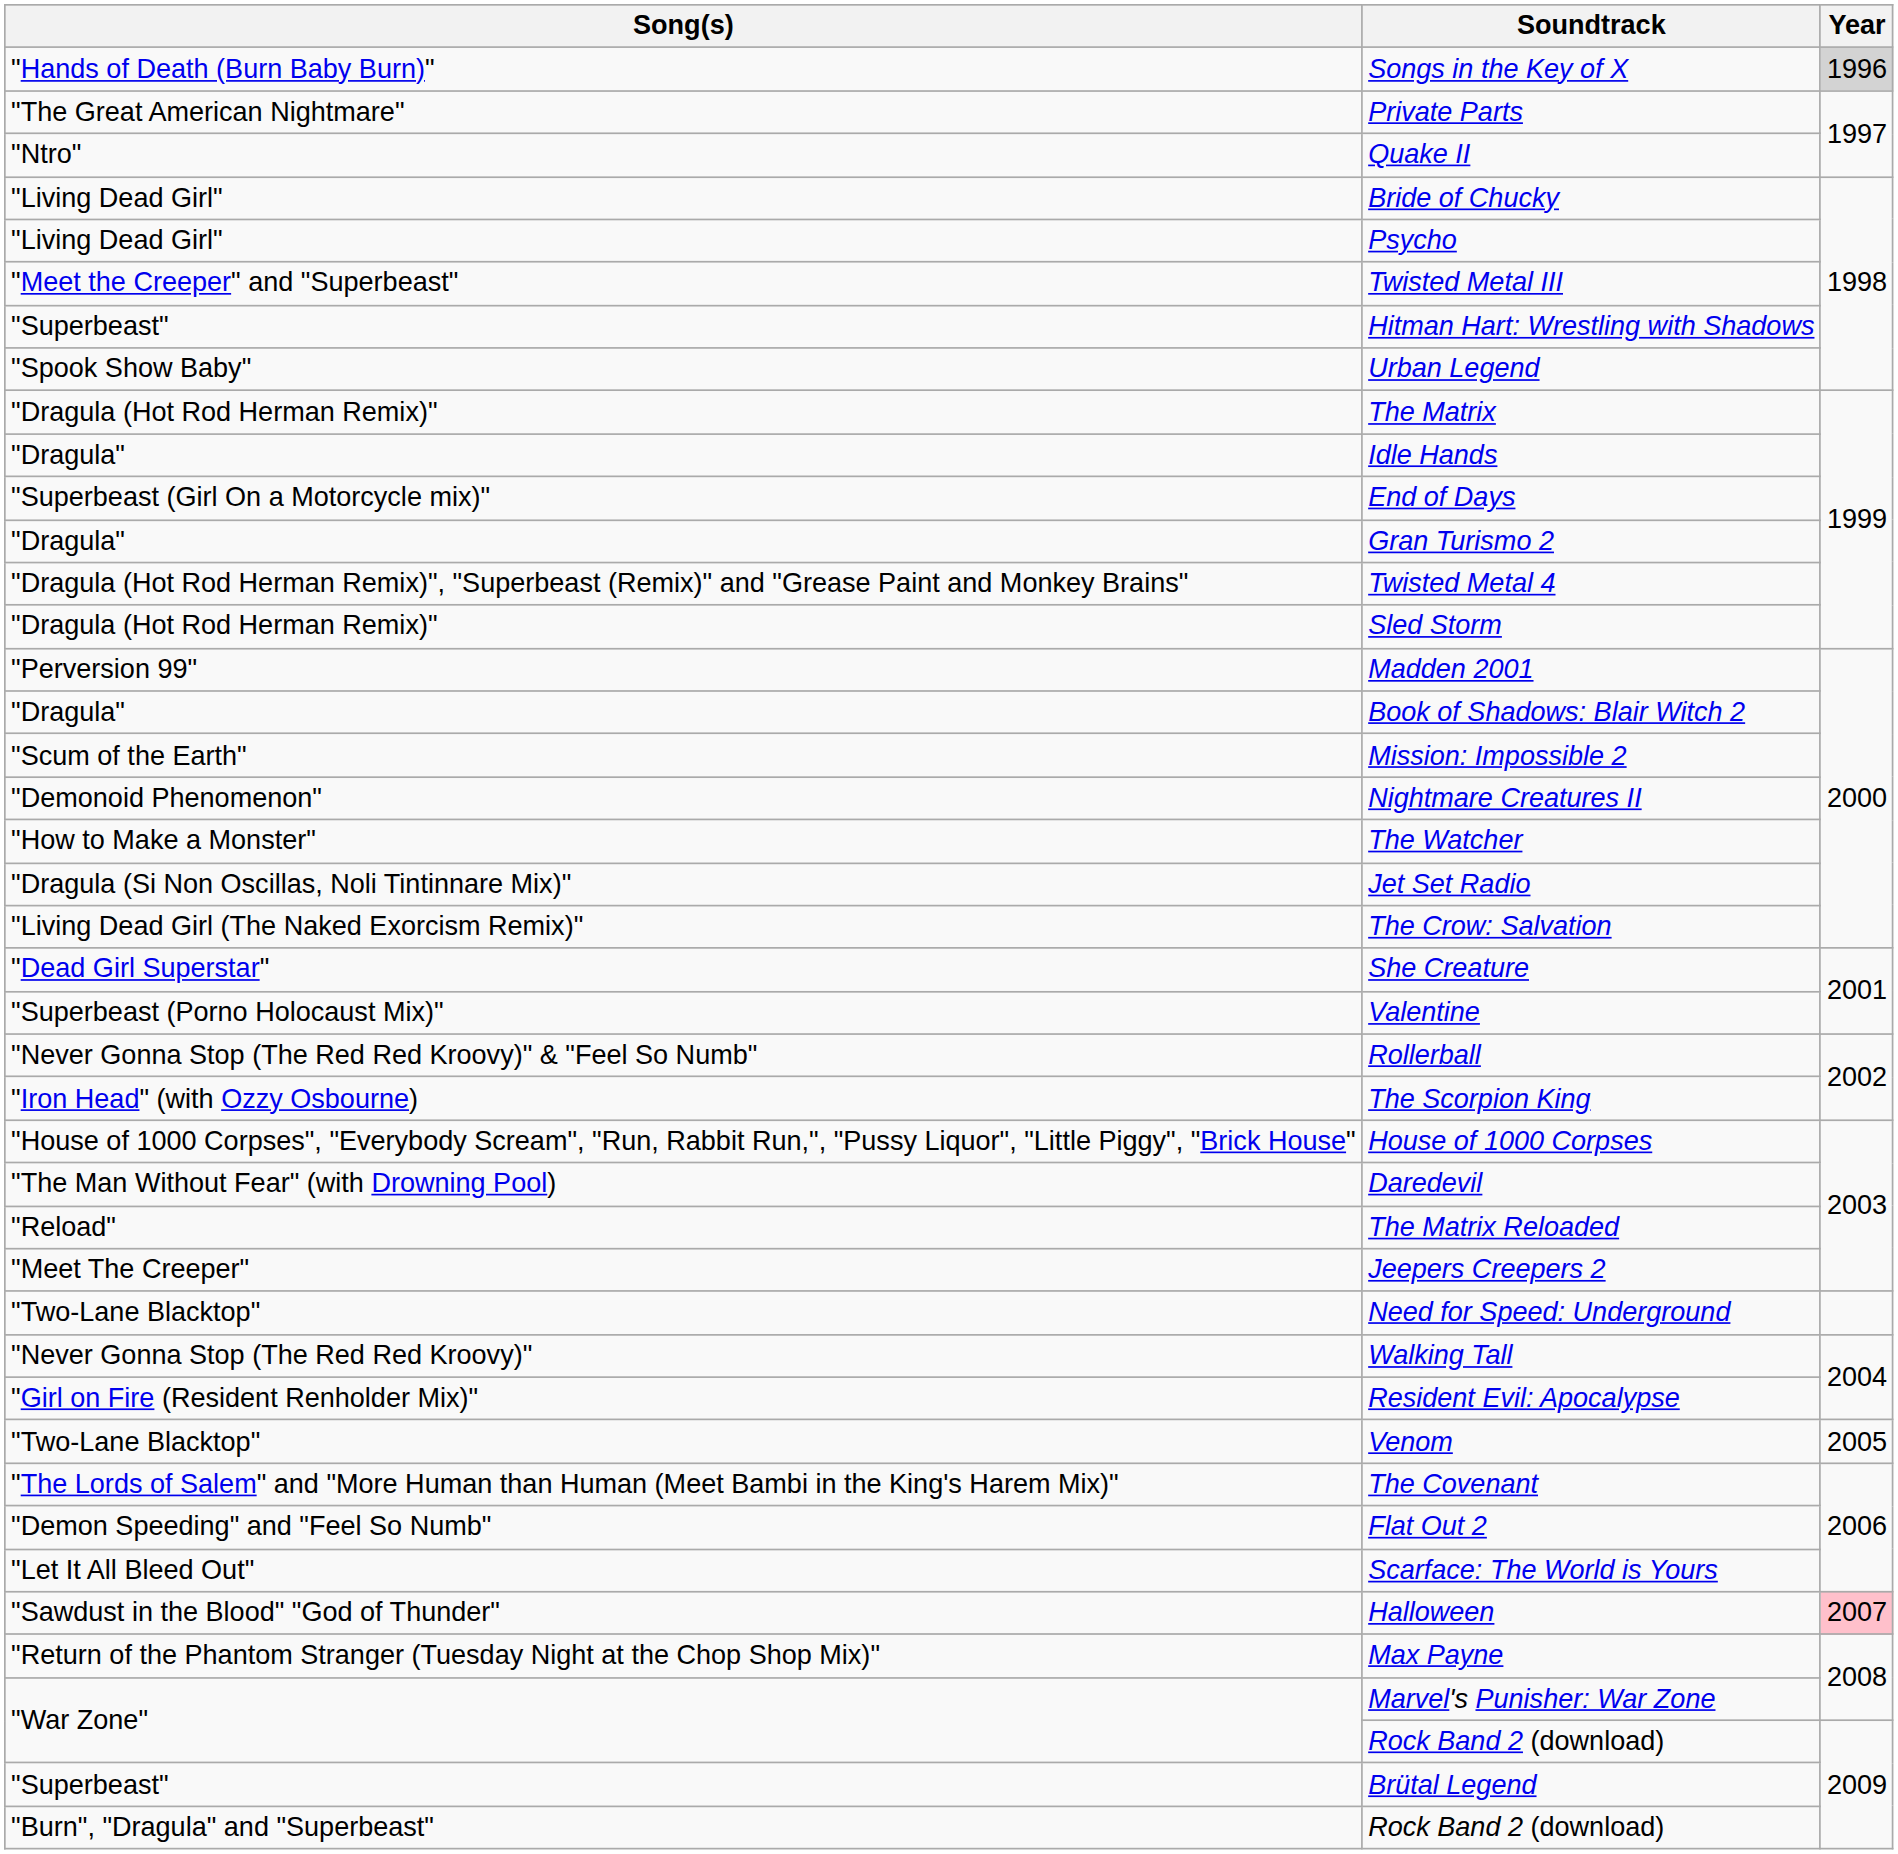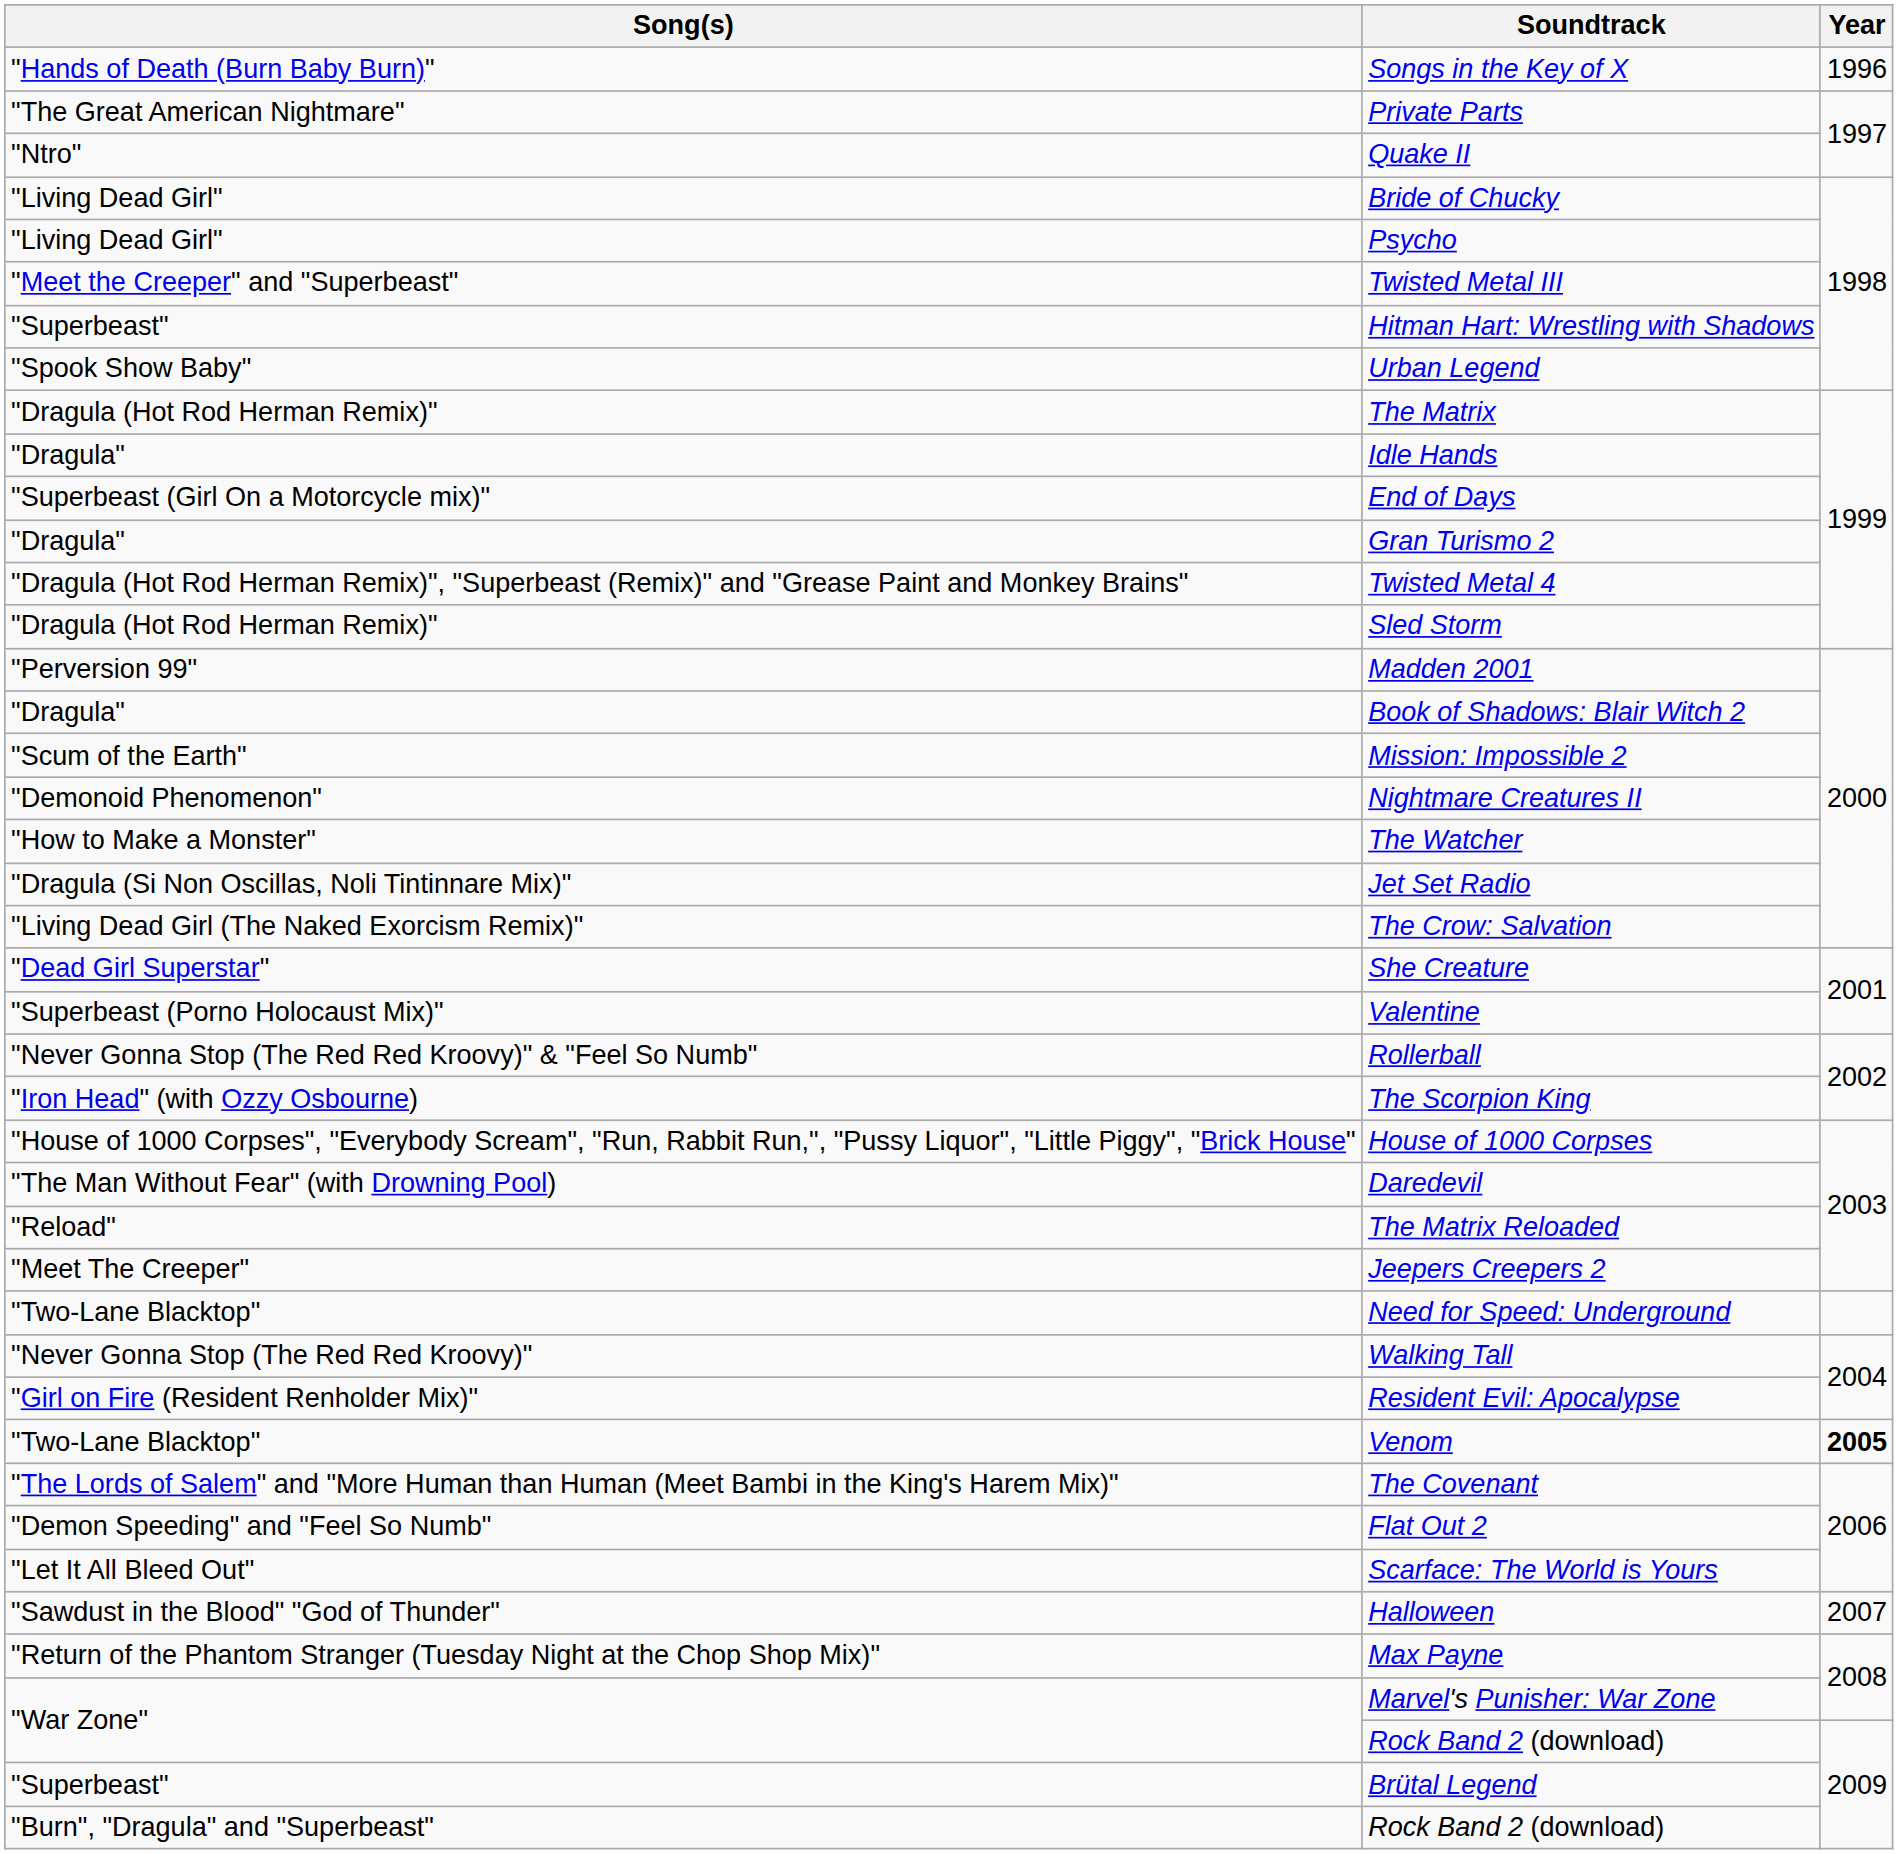 <table class="wikitable">
 <tr>
 <th>Song(s)</th>
 <th>Soundtrack</th>
 <th>Year</th>
 </tr>
 <tr>
 <td>"<a href='#'>Hands of Death (Burn Baby Burn)</a>"</td>
 <td><em><a href='#'>Songs in the Key of X</a></em></td>
-<td style="background: lightgrey;">1996</td>
+<td>1996</td>
 </tr>
 <tr>
 <td>"The Great American Nightmare"</td>
 <td><em><a href='#'>Private Parts</a></em></td>
 <td rowspan="2">1997</td>
 </tr>
 <tr>
 <td>"Ntro"</td>
 <td><em><a href='#'>Quake II</a></em></td>
 </tr>
 <tr>
 <td>"Living Dead Girl"</td>
 <td><em><a href='#'>Bride of Chucky</a></em></td>
 <td rowspan="5">1998</td>
 </tr>
 <tr>
 <td>"Living Dead Girl"</td>
 <td><em><a href='#'>Psycho</a></em></td>
 </tr>
 <tr>
 <td>"<a href='#'>Meet the Creeper</a>" and "Superbeast"</td>
 <td><em><a href='#'>Twisted Metal III</a></em></td>
 </tr>
 <tr>
 <td>"Superbeast"</td>
 <td><em><a href='#'>Hitman Hart: Wrestling with Shadows</a></em></td>
 </tr>
 <tr>
 <td>"Spook Show Baby"</td>
 <td><em><a href='#'>Urban Legend</a></em></td>
 </tr>
 <tr>
 <td>"Dragula (Hot Rod Herman Remix)"</td>
 <td><em><a href='#'>The Matrix</a></em></td>
 <td rowspan="6">1999</td>
 </tr>
 <tr>
 <td>"Dragula"</td>
 <td><em><a href='#'>Idle Hands</a></em></td>
 </tr>
 <tr>
 <td>"Superbeast (Girl On a Motorcycle mix)"</td>
 <td><em><a href='#'>End of Days</a></em></td>
 </tr>
 <tr>
 <td>"Dragula"</td>
 <td><em><a href='#'>Gran Turismo 2</a></em></td>
 </tr>
 <tr>
 <td>"Dragula (Hot Rod Herman Remix)", "Superbeast (Remix)" and "Grease Paint and Monkey Brains"</td>
 <td><em><a href='#'>Twisted Metal 4</a></em></td>
 </tr>
 <tr>
 <td>"Dragula (Hot Rod Herman Remix)"</td>
 <td><em><a href='#'>Sled Storm</a></em></td>
 </tr>
 <tr>
 <td>"Perversion 99"</td>
 <td><em><a href='#'>Madden 2001</a></em></td>
 <td rowspan="7">2000</td>
 </tr>
 <tr>
 <td>"Dragula"</td>
 <td><em><a href='#'>Book of Shadows: Blair Witch 2</a></em></td>
 </tr>
 <tr>
 <td>"Scum of the Earth"</td>
 <td><em><a href='#'>Mission: Impossible 2</a></em></td>
 </tr>
 <tr>
 <td>"Demonoid Phenomenon"</td>
 <td><em><a href='#'>Nightmare Creatures II</a></em></td>
 </tr>
 <tr>
 <td>"How to Make a Monster"</td>
 <td><em><a href='#'>The Watcher</a></em></td>
 </tr>
 <tr>
 <td>"Dragula (Si Non Oscillas, Noli Tintinnare Mix)"</td>
 <td><em><a href='#'>Jet Set Radio</a></em></td>
 </tr>
 <tr>
 <td>"Living Dead Girl (The Naked Exorcism Remix)"</td>
 <td><em><a href='#'>The Crow: Salvation</a></em></td>
 </tr>
 <tr>
 <td>"<a href='#'>Dead Girl Superstar</a>"</td>
 <td><em><a href='#'>She Creature</a></em></td>
 <td rowspan="2">2001</td>
 </tr>
 <tr>
 <td>"Superbeast (Porno Holocaust Mix)"</td>
 <td><em><a href='#'>Valentine</a></em></td>
 </tr>
 <tr>
 <td>"Never Gonna Stop (The Red Red Kroovy)" & "Feel So Numb"</td>
 <td><em><a href='#'>Rollerball</a></em></td>
 <td rowspan="2">2002</td>
 </tr>
 <tr>
 <td>"<a href='#'>Iron Head</a>" (with <a href='#'>Ozzy Osbourne</a>)</td>
 <td><em><a href='#'>The Scorpion King</a></em></td>
 </tr>
 <tr>
 <td>"House of 1000 Corpses", "Everybody Scream", "Run, Rabbit Run,", "Pussy Liquor", "Little Piggy", "<a href='#'>Brick House</a>"</td>
 <td><em><a href='#'>House of 1000 Corpses</a></em></td>
 <td rowspan="4">2003</td>
 </tr>
 <tr>
 <td>"The Man Without Fear" (with <a href='#'>Drowning Pool</a>)</td>
 <td><em><a href='#'>Daredevil</a></em></td>
 </tr>
 <tr>
 <td>"Reload"</td>
 <td><em><a href='#'>The Matrix Reloaded</a></em></td>
 </tr>
 <tr>
 <td>"Meet The Creeper"</td>
 <td><em><a href='#'>Jeepers Creepers 2</a></em></td>
 </tr>
 <tr>
 <td>"Two-Lane Blacktop"</td>
 <td><em><a href='#'>Need for Speed: Underground</a></em></td>
 <td></td>
 </tr>
 <tr>
 <td>"Never Gonna Stop (The Red Red Kroovy)"</td>
 <td><em><a href='#'>Walking Tall</a></em></td>
 <td rowspan="2">2004</td>
 </tr>
 <tr>
 <td>"<a href='#'>Girl on Fire</a> (Resident Renholder Mix)"</td>
 <td><em><a href='#'>Resident Evil: Apocalypse</a></em></td>
 </tr>
 <tr>
 <td>"Two-Lane Blacktop"</td>
 <td><em><a href='#'>Venom</a></em></td>
-<td>2005</td>
+<td><strong>2005</strong></td>
 </tr>
 <tr>
 <td>"<a href='#'>The Lords of Salem</a>" and "More Human than Human (Meet Bambi in the King's Harem Mix)"</td>
 <td><em><a href='#'>The Covenant</a></em></td>
 <td rowspan="3">2006</td>
 </tr>
 <tr>
 <td>"Demon Speeding" and "Feel So Numb"</td>
 <td><em><a href='#'>Flat Out 2</a></em></td>
 </tr>
 <tr>
 <td>"Let It All Bleed Out"</td>
 <td><em><a href='#'>Scarface: The World is Yours</a></em></td>
 </tr>
 <tr>
 <td>"Sawdust in the Blood" "God of Thunder"</td>
 <td><em><a href='#'>Halloween</a></em></td>
-<td style="background: pink;">2007</td>
+<td>2007</td>
 </tr>
 <tr>
 <td>"Return of the Phantom Stranger (Tuesday Night at the Chop Shop Mix)"</td>
 <td><em><a href='#'>Max Payne</a></em></td>
 <td rowspan="2">2008</td>
 </tr>
 <tr>
 <td rowspan="2">"War Zone"</td>
 <td><em><a href='#'>Marvel</a>'s <a href='#'>Punisher: War Zone</a></em></td>
 </tr>
 <tr>
 <td><em><a href='#'>Rock Band 2</a></em> (download)</td>
 <td rowspan="3">2009</td>
 </tr>
 <tr>
 <td>"Superbeast"</td>
 <td><em><a href='#'>Brütal Legend</a></em></td>
 </tr>
 <tr>
 <td>"Burn", "Dragula" and "Superbeast"</td>
 <td><em>Rock Band 2</em> (download)</td>
 </tr>
 </table>
